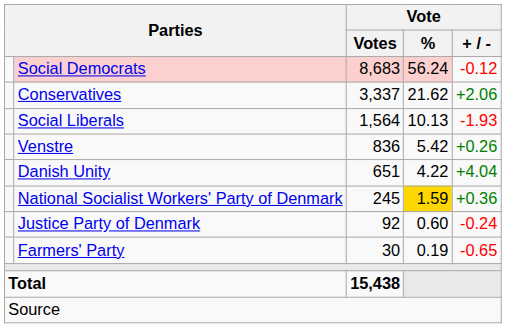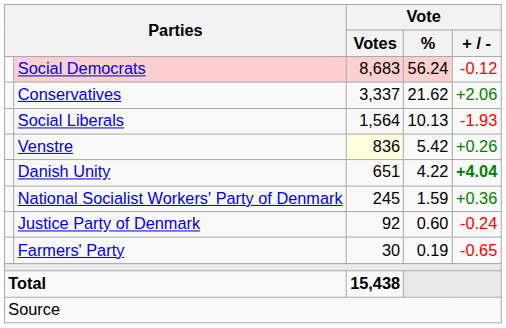 <table class="wikitable" style="text-align:right;">
 <tr>
 <th style="text-align:centre;" rowspan="2" colspan="2" width="225">Parties</th>
 <th colspan="3">Vote</th>
 </tr>
 <tr>
 <th width="15">Votes</th>
 <th width="15">%</th>
 <th width="15">+ / -</th>
 </tr>
 <tr>
 <td width="2" style="color:inherit;background:"></td>
 <td bgcolor=#fbd0ce  align="left"><a href='#'>Social Democrats</a></td>
 <td bgcolor=#fbd0ce>8,683</td>
 <td bgcolor=#fbd0ce>56.24</td>
 <td style=color:red;>-0.12</td>
 </tr>
 <tr>
 <td width="2" style="color:inherit;background:"></td>
 <td align="left"><a href='#'>Conservatives</a></td>
 <td>3,337</td>
 <td>21.62</td>
 <td style=color:green;>+2.06</td>
 </tr>
 <tr>
 <td width="2" style="color:inherit;background:"></td>
 <td align="left"><a href='#'>Social Liberals</a></td>
 <td>1,564</td>
 <td>10.13</td>
 <td style=color:red;>-1.93</td>
 </tr>
 <tr>
 <td width="2" style="color:inherit;background:"></td>
 <td align="left"><a href='#'>Venstre</a></td>
-<td>836</td>
+<td style="background: lightyellow;">836</td>
 <td>5.42</td>
 <td style=color:green;>+0.26</td>
 </tr>
 <tr>
 <td width="2" style="color:inherit;background:"></td>
 <td align="left"><a href='#'>Danish Unity</a></td>
 <td>651</td>
 <td>4.22</td>
-<td style=color:green;>+4.04</td>
+<td style=color:green;><strong>+4.04</strong></td>
 </tr>
 <tr>
 <td width="2" style="color:inherit;background:"></td>
 <td align="left"><a href='#'>National Socialist Workers' Party of Denmark</a></td>
 <td>245</td>
-<td style="background: gold;">1.59</td>
+<td>1.59</td>
 <td style=color:green;>+0.36</td>
 </tr>
 <tr>
 <td width="2" style="color:inherit;background:"></td>
 <td align="left"><a href='#'>Justice Party of Denmark</a></td>
 <td>92</td>
 <td>0.60</td>
 <td style=color:red;>-0.24</td>
 </tr>
 <tr>
 <td width="2" style="color:inherit;background:"></td>
 <td align="left"><a href='#'>Farmers' Party</a></td>
 <td>30</td>
 <td>0.19</td>
 <td style=color:red;>-0.65</td>
 </tr>
 <tr>
 <td colspan="7" bgcolor="#E9E9E9"></td>
 </tr>
 <tr>
 <td align="left" colspan="2"><strong>Total</strong></td>
 <td><strong>15,438</strong></td>
 <td bgcolor="#E9E9E9" colspan="2"></td>
 </tr>
 <tr>
 <td align="left" colspan="6">Source</td>
 </tr>
 </table>
